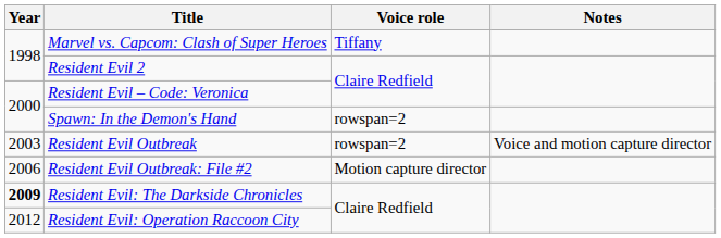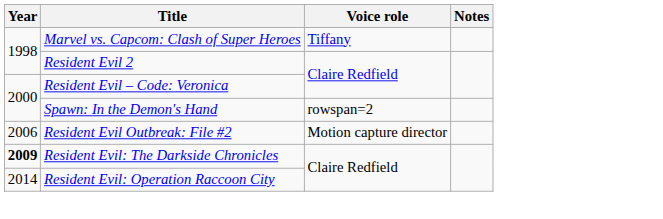 <table class="wikitable sortable">
 <tr>
 <th>Year</th>
 <th>Title</th>
 <th>Voice role</th>
 <th class="unsortable">Notes</th>
 </tr>
 <tr>
 <td rowspan=2>1998</td>
 <td><em><a href='#'>Marvel vs. Capcom: Clash of Super Heroes</a></em></td>
 <td><a href='#'>Tiffany</a></td>
 <td></td>
 </tr>
 <tr>
 <td><em><a href='#'>Resident Evil 2</a></em></td>
 <td rowspan=2><a href='#'>Claire Redfield</a></td>
 <td rowspan="2"></td>
 </tr>
 <tr>
 <td rowspan=2>2000</td>
 <td><em><a href='#'>Resident Evil – Code: Veronica</a></em></td>
 </tr>
 <tr>
 <td><em><a href='#'>Spawn: In the Demon's Hand</a></em></td>
 <td>rowspan=2 </td>
 <td></td>
 </tr>
 <tr>
-<td>2003</td>
-<td><em><a href='#'>Resident Evil Outbreak</a></em></td>
-<td>rowspan=2 </td>
-<td>Voice and motion capture director</td>
-</tr>
-<tr>
 <td>2006</td>
 <td><em><a href='#'>Resident Evil Outbreak: File #2</a></em></td>
 <td>Motion capture director</td>
 </tr>
 <tr>
 <td><strong>2009</strong></td>
 <td><em><a href='#'>Resident Evil: The Darkside Chronicles</a></em></td>
 <td rowspan=2>Claire Redfield</td>
 <td rowspan="2"></td>
 </tr>
 <tr>
-<td>2012</td>
+<td>2014</td>
 <td><em><a href='#'>Resident Evil: Operation Raccoon City</a></em></td>
 </tr>
 </table>
